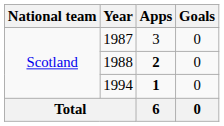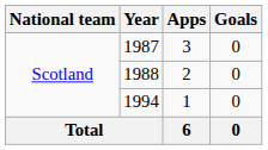 <table class=wikitable style="text-align:center">
 <tr>
 <th>National team</th>
 <th>Year</th>
 <th>Apps</th>
 <th>Goals</th>
 </tr>
 <tr>
 <td rowspan="3"><a href='#'>Scotland</a></td>
 <td>1987</td>
 <td>3</td>
 <td>0</td>
 </tr>
 <tr>
 <td>1988</td>
-<td><strong>2</strong></td>
+<td>2</td>
 <td>0</td>
 </tr>
 <tr>
 <td>1994</td>
-<td><strong>1</strong></td>
+<td>1</td>
 <td>0</td>
 </tr>
 <tr>
 <th colspan=2>Total</th>
 <th>6</th>
 <th>0</th>
 </tr>
 </table>
